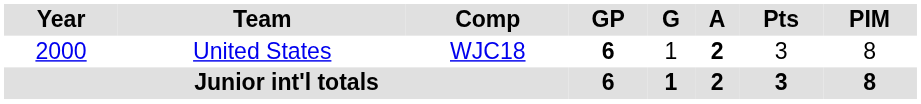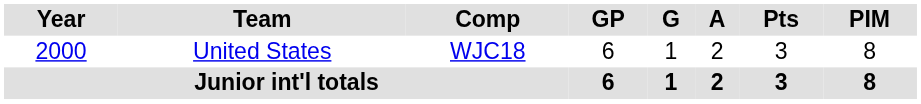 <table BORDER="0" CELLPADDING="2" CELLSPACING="0" width=40%>
 <tr ALIGN="center" bgcolor="#e0e0e0">
 <th>Year</th>
 <th>Team</th>
 <th>Comp</th>
 <th>GP</th>
 <th>G</th>
 <th>A</th>
 <th>Pts</th>
 <th>PIM</th>
 </tr>
 <tr ALIGN="center">
 <td><a href='#'>2000</a></td>
 <td><a href='#'>United States</a></td>
 <td><a href='#'>WJC18</a></td>
-<td><strong>6</strong></td>
+<td>6</td>
 <td>1</td>
-<td><strong>2</strong></td>
+<td>2</td>
 <td>3</td>
 <td>8</td>
 </tr>
 <tr bgcolor="#e0e0e0">
 <th colspan="3">Junior int'l totals</th>
 <th>6</th>
 <th>1</th>
 <th>2</th>
 <th>3</th>
 <th>8</th>
 </tr>
 </table>
